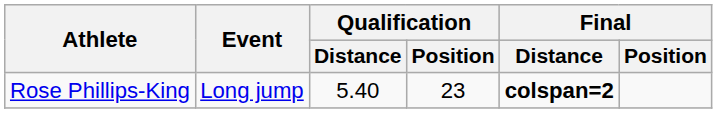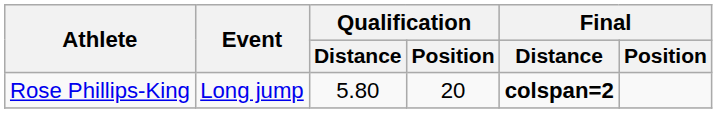 <table class=wikitable style=font-size:90%>
 <tr>
 <th rowspan=2>Athlete</th>
 <th rowspan=2>Event</th>
 <th colspan=2>Qualification</th>
 <th colspan=2>Final</th>
 </tr>
 <tr style=font-size:95%>
 <th>Distance</th>
 <th>Position</th>
 <th>Distance</th>
 <th>Position</th>
 </tr>
 <tr align=center>
 <td align=left><a href='#'>Rose Phillips-King</a></td>
 <td align=left><a href='#'>Long jump</a></td>
-<td>5.40</td>
-<td>23</td>
+<td>5.80</td>
+<td>20</td>
 <td><strong>colspan=2 </strong></td>
 </tr>
 </table>
